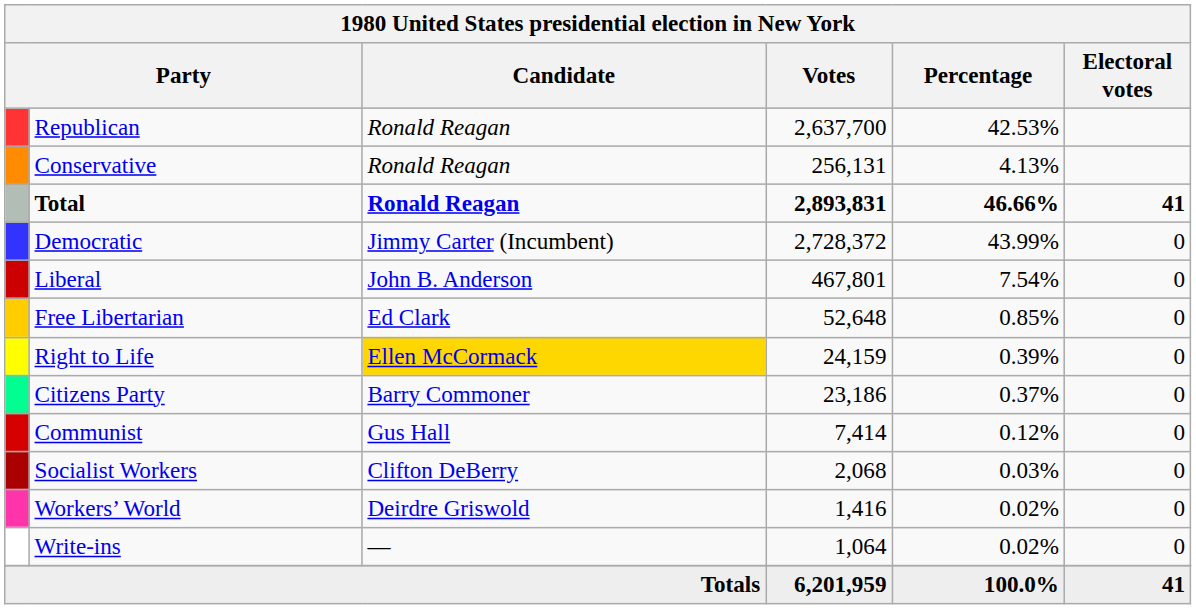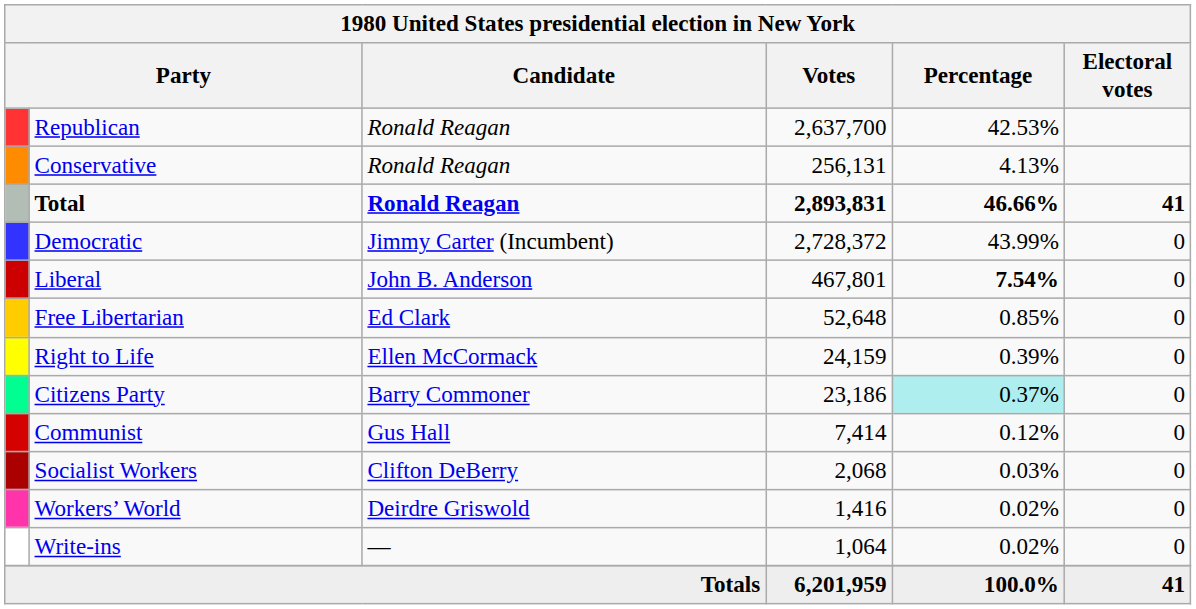 <table class="wikitable" style="font-size: 95%;">
 <tr>
 <th colspan="6">1980 United States presidential election in New York</th>
 </tr>
 <tr>
 <th colspan="2" style="width: 15em">Party</th>
 <th style="width: 17em">Candidate</th>
 <th style="width: 5em">Votes</th>
 <th style="width: 7em">Percentage</th>
 <th style="width: 5em">Electoral votes</th>
 </tr>
 <tr>
 <th style="background-color:#FF3333; width: 3px"></th>
 <td style="width: 130px"><a href='#'>Republican</a></td>
 <td><em>Ronald Reagan</em></td>
 <td align="right">2,637,700</td>
 <td align="right">42.53%</td>
 <td align="right"></td>
 </tr>
 <tr>
 <th style="background-color:#FF8C00; width: 3px"></th>
 <td style="width: 130px"><a href='#'>Conservative</a></td>
 <td><em>Ronald Reagan</em></td>
 <td align="right">256,131</td>
 <td align="right">4.13%</td>
 <td align="right"></td>
 </tr>
 <tr>
 <th style="background-color:#B2BEB5; width: 3px"></th>
 <td style="width: 130px"><strong>Total</strong></td>
 <td><strong><a href='#'>Ronald Reagan</a> </strong></td>
 <td align="right"><strong>2,893,831</strong></td>
 <td align="right"><strong>46.66%</strong></td>
 <td align="right"><strong>41</strong></td>
 </tr>
 <tr>
 <th style="background-color:#3333FF; width: 3px"></th>
 <td style="width: 130px"><a href='#'>Democratic</a></td>
 <td><a href='#'>Jimmy Carter</a> (Incumbent)</td>
 <td align="right">2,728,372</td>
 <td align="right">43.99%</td>
 <td align="right">0</td>
 </tr>
 <tr>
 <th style="background-color:#CC0000; width: 3px"></th>
 <td style="width: 130px"><a href='#'>Liberal</a></td>
 <td><a href='#'>John B. Anderson</a></td>
 <td align="right">467,801</td>
-<td align="right">7.54%</td>
+<td align="right"><strong>7.54%</strong></td>
 <td align="right">0</td>
 </tr>
 <tr>
 <th style="background-color:#FFCC00; width: 3px"></th>
 <td style="width: 130px"><a href='#'>Free Libertarian</a></td>
 <td><a href='#'>Ed Clark</a></td>
 <td align="right">52,648</td>
 <td align="right">0.85%</td>
 <td align="right">0</td>
 </tr>
 <tr>
 <th style="background-color:#FFFF00; width: 3px"></th>
 <td style="width: 130px"><a href='#'>Right to Life</a></td>
-<td style="background: gold;"><a href='#'>Ellen McCormack</a></td>
+<td><a href='#'>Ellen McCormack</a></td>
 <td align="right">24,159</td>
 <td align="right">0.39%</td>
 <td align="right">0</td>
 </tr>
 <tr>
 <th style="background-color:#00FF90; width: 3px"></th>
 <td style="width: 130px"><a href='#'>Citizens Party</a></td>
 <td><a href='#'>Barry Commoner</a></td>
 <td align="right">23,186</td>
-<td align="right">0.37%</td>
+<td align="right" style="background: paleturquoise;">0.37%</td>
 <td align="right">0</td>
 </tr>
 <tr>
 <th style="background-color:#D50000; width: 3px"></th>
 <td style="width: 130px"><a href='#'>Communist</a></td>
 <td><a href='#'>Gus Hall</a></td>
 <td align="right">7,414</td>
 <td align="right">0.12%</td>
 <td align="right">0</td>
 </tr>
 <tr>
 <th style="background-color:#AA0000; width: 3px"></th>
 <td style="width: 130px"><a href='#'>Socialist Workers</a></td>
 <td><a href='#'>Clifton DeBerry</a></td>
 <td align="right">2,068</td>
 <td align="right">0.03%</td>
 <td align="right">0</td>
 </tr>
 <tr>
 <th style="background-color:#FF33AA; width: 3px"></th>
 <td style="width: 130px"><a href='#'>Workers’ World</a></td>
 <td><a href='#'>Deirdre Griswold</a></td>
 <td align="right">1,416</td>
 <td align="right">0.02%</td>
 <td align="right">0</td>
 </tr>
 <tr>
 <th style="background-color:#FFFFFF; width: 3px"></th>
 <td style="width: 130px"><a href='#'>Write-ins</a></td>
 <td>—</td>
 <td align="right">1,064</td>
 <td align="right">0.02%</td>
 <td align="right">0</td>
 </tr>
 <tr>
 </tr>
 <tr bgcolor="#EEEEEE">
 <td colspan="3" align="right"><strong>Totals</strong></td>
 <td align="right"><strong>6,201,959</strong></td>
 <td align="right"><strong>100.0%</strong></td>
 <td align="right"><strong>41</strong></td>
 </tr>
 </table>
